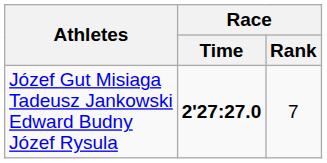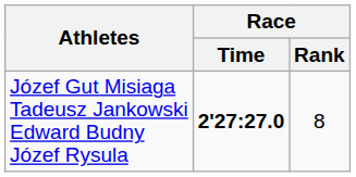 <table class="wikitable" border="1" style="font-size:90%">
 <tr>
 <th rowspan=2>Athletes</th>
 <th colspan=2>Race</th>
 </tr>
 <tr>
 <th>Time</th>
 <th>Rank</th>
 </tr>
 <tr>
 <td><a href='#'>Józef Gut Misiaga</a><br><a href='#'>Tadeusz Jankowski</a><br><a href='#'>Edward Budny</a><br><a href='#'>Józef Rysula</a></td>
 <td align=center><strong>2'27:27.0</strong></td>
-<td align=center>7</td>
+<td align=center>8</td>
 </tr>
 </table>
